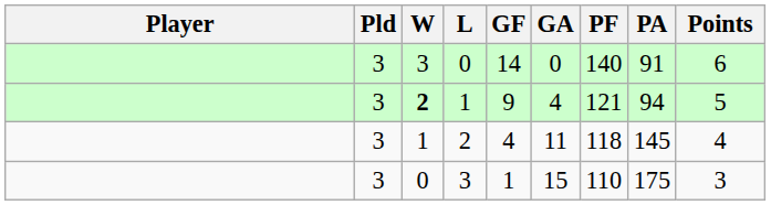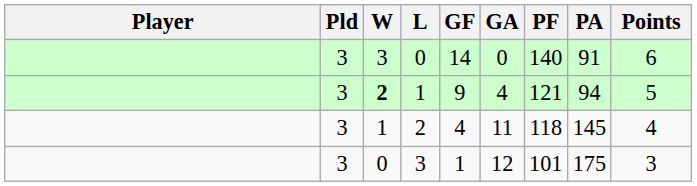 <table class=wikitable style="text-align:center">
 <tr>
 <th width=220>Player</th>
 <th width=20>Pld</th>
 <th width=20>W</th>
 <th width=20>L</th>
 <th width=20>GF</th>
 <th width=20>GA</th>
 <th width=20>PF</th>
 <th width=20>PA</th>
 <th width=50>Points</th>
 </tr>
 <tr bgcolor="#ccffcc">
 <td align=left></td>
 <td>3</td>
 <td>3</td>
 <td>0</td>
 <td>14</td>
 <td>0</td>
 <td>140</td>
 <td>91</td>
 <td>6</td>
 </tr>
 <tr bgcolor="#ccffcc">
 <td align=left></td>
 <td>3</td>
 <td><strong>2</strong></td>
 <td>1</td>
 <td>9</td>
 <td>4</td>
 <td>121</td>
 <td>94</td>
 <td>5</td>
 </tr>
 <tr>
 <td align=left></td>
 <td>3</td>
 <td>1</td>
 <td>2</td>
 <td>4</td>
 <td>11</td>
 <td>118</td>
 <td>145</td>
 <td>4</td>
 </tr>
 <tr>
 <td align=left></td>
 <td>3</td>
 <td>0</td>
 <td>3</td>
 <td>1</td>
-<td>15</td>
-<td>110</td>
+<td>12</td>
+<td>101</td>
 <td>175</td>
 <td>3</td>
 </tr>
 </table>
